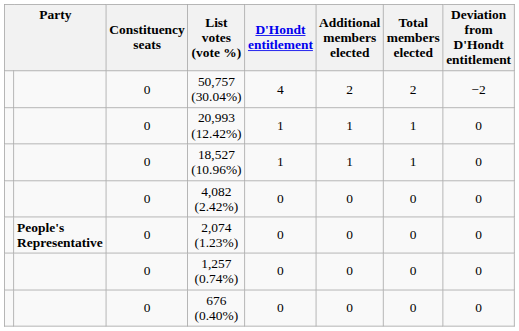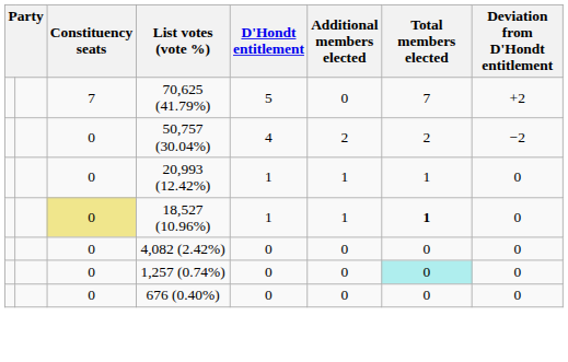 <table class="wikitable" style="text-align:center">
 <tr>
 <th colspan="2" rowspan="1" align="center" valign="top">Party</th>
 <th>Constituency<br>seats</th>
 <th>List votes<br>(vote %)</th>
 <th><a href='#'>D'Hondt<br>entitlement</a></th>
 <th>Additional<br>members<br>elected</th>
 <th>Total members<br>elected</th>
 <th>Deviation<br>from D'Hondt<br>entitlement</th>
+</tr>
+<tr>
+<td style="width: 4px" bgcolor=></td>
+<td style="text-align: left;" scope="row"><strong><a href='#'></a></strong></td>
+<td>7</td>
+<td>70,625 (41.79%)</td>
+<td>5</td>
+<td>0</td>
+<td>7</td>
+<td>+2</td>
 </tr>
 <tr>
 <td style="width: 4px" bgcolor=></td>
 <td style="text-align: left;" scope="row"><strong><a href='#'></a></strong></td>
 <td>0</td>
 <td>50,757 (30.04%)</td>
 <td>4</td>
 <td>2</td>
 <td>2</td>
 <td>−2</td>
 </tr>
 <tr>
 <td style="width: 4px"></td>
 <td style="text-align: left;" scope="row"><strong><a href='#'></a></strong></td>
 <td>0</td>
 <td>20,993 (12.42%)</td>
 <td>1</td>
 <td>1</td>
 <td>1</td>
 <td>0</td>
 </tr>
 <tr>
 <td style="width: 4px"></td>
 <td style="text-align: left;" scope="row"><strong><a href='#'></a></strong></td>
-<td>0</td>
+<td style="background: khaki;">0</td>
 <td>18,527 (10.96%)</td>
 <td>1</td>
 <td>1</td>
-<td>1</td>
+<td><strong>1</strong></td>
 <td>0</td>
 </tr>
 <tr>
 <td style="width: 4px"></td>
 <td style="text-align: left;" scope="row"><strong><a href='#'></a></strong></td>
 <td>0</td>
 <td>4,082 (2.42%)</td>
 <td>0</td>
 <td>0</td>
 <td>0</td>
 <td>0</td>
 </tr>
 <tr>
-<td></td>
-<td style="text-align: left;" scope="row"><strong>People's Representative</strong></td>
-<td>0</td>
-<td>2,074 (1.23%)</td>
-<td>0</td>
-<td>0</td>
-<td>0</td>
-<td>0</td>
-</tr>
-<tr>
 <td style="width: 4px" bgcolor=></td>
 <td style="text-align: left;" scope="row"><strong><a href='#'></a></strong></td>
 <td>0</td>
 <td>1,257 (0.74%)</td>
 <td>0</td>
 <td>0</td>
-<td>0</td>
+<td style="background: paleturquoise;">0</td>
 <td>0</td>
 </tr>
 <tr>
 <td style="width: 4px" bgcolor=></td>
 <td style="text-align: left;" scope="row"><strong><a href='#'></a></strong></td>
 <td>0</td>
 <td>676 (0.40%)</td>
 <td>0</td>
 <td>0</td>
 <td>0</td>
 <td>0</td>
 </tr>
 </table>
